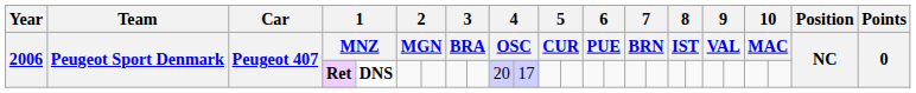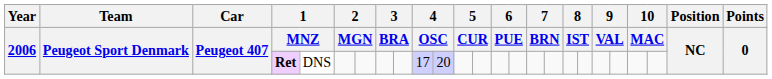 <table class="wikitable" style="text-align:center; font-size:85%">
 <tr>
 <th>Year</th>
 <th>Team</th>
 <th>Car</th>
 <th colspan=2>1</th>
 <th colspan=2>2</th>
 <th colspan=2>3</th>
 <th colspan=2>4</th>
 <th colspan=2>5</th>
 <th colspan=2>6</th>
 <th colspan=2>7</th>
 <th colspan=2>8</th>
 <th colspan=2>9</th>
 <th colspan=2>10</th>
 <th>Position</th>
 <th>Points</th>
 </tr>
 <tr>
 <th rowspan=2><a href='#'>2006</a></th>
 <th rowspan=2><a href='#'>Peugeot Sport Denmark</a></th>
 <th rowspan=2><a href='#'>Peugeot 407</a></th>
 <th colspan=2><a href='#'>MNZ</a></th>
 <th colspan=2><a href='#'>MGN</a></th>
 <th colspan=2><a href='#'>BRA</a></th>
 <th colspan=2><a href='#'>OSC</a></th>
 <th colspan=2><a href='#'>CUR</a></th>
 <th colspan=2><a href='#'>PUE</a></th>
 <th colspan=2><a href='#'>BRN</a></th>
 <th colspan=2><a href='#'>IST</a></th>
 <th colspan=2><a href='#'>VAL</a></th>
 <th colspan=2><a href='#'>MAC</a></th>
 <th rowspan=2>NC</th>
 <th rowspan=2>0</th>
 </tr>
 <tr>
 <td style="background:#efcfff;"><strong>Ret</strong></td>
-<td style="background:#ffffff;"><strong>DNS</strong></td>
+<td style="background:#ffffff;">DNS</td>
 <td></td>
 <td></td>
 <td></td>
 <td></td>
+<td style="background:#cfcfff;">17</td>
 <td style="background:#cfcfff;">20</td>
-<td style="background:#cfcfff;">17</td>
 <td></td>
 <td></td>
 <td></td>
 <td></td>
 <td></td>
 <td></td>
 <td></td>
 <td></td>
 <td></td>
 <td></td>
 <td></td>
 <td></td>
 </tr>
 </table>
